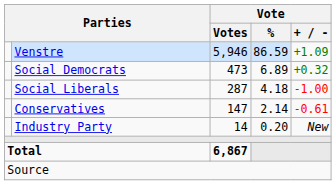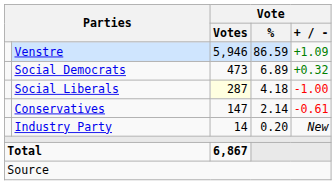 <table class="wikitable" style="text-align:right;">
 <tr>
 <th style="text-align:centre;" rowspan="2" colspan="2" width="225">Parties</th>
 <th colspan="3">Vote</th>
 </tr>
 <tr>
 <th width="15">Votes</th>
 <th width="15">%</th>
 <th width="15">+ / -</th>
 </tr>
 <tr>
 <td width="2" style="color:inherit;background:"></td>
 <td bgcolor=#cfe5fe  align="left"><a href='#'>Venstre</a></td>
 <td bgcolor=#cfe5fe>5,946</td>
 <td bgcolor=#cfe5fe>86.59</td>
 <td style=color:green;>+1.09</td>
 </tr>
 <tr>
 <td width="2" style="color:inherit;background:"></td>
 <td align="left"><a href='#'>Social Democrats</a></td>
 <td>473</td>
 <td>6.89</td>
 <td style=color:green;>+0.32</td>
 </tr>
 <tr>
 <td width="2" style="color:inherit;background:"></td>
 <td align="left"><a href='#'>Social Liberals</a></td>
-<td>287</td>
+<td style="background: lightyellow;">287</td>
 <td>4.18</td>
 <td style=color:red;>-1.00</td>
 </tr>
 <tr>
 <td width="2" style="color:inherit;background:"></td>
 <td align="left"><a href='#'>Conservatives</a></td>
 <td>147</td>
 <td>2.14</td>
 <td style=color:red;>-0.61</td>
 </tr>
 <tr>
 <td width="2" style="color:inherit;background:"></td>
 <td align="left"><a href='#'>Industry Party</a></td>
 <td>14</td>
 <td>0.20</td>
 <td><em>New</em></td>
 </tr>
 <tr>
 <td colspan="7" bgcolor="#E9E9E9"></td>
 </tr>
 <tr>
 <td align="left" colspan="2"><strong>Total</strong></td>
 <td><strong>6,867</strong></td>
 <td bgcolor="#E9E9E9" colspan="2"></td>
 </tr>
 <tr>
 <td align="left" colspan="6">Source</td>
 </tr>
 </table>
